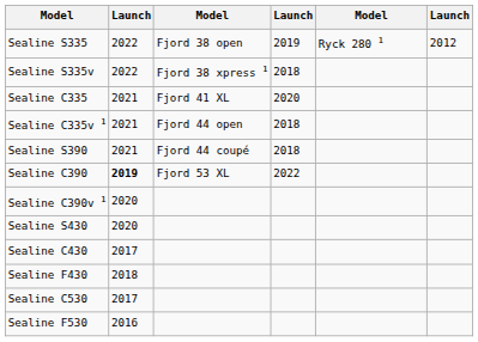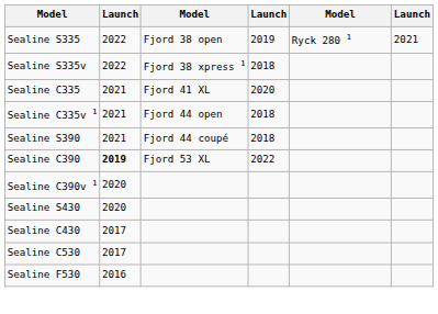 <table class="wikitable" style="text-align:center; font-size:85%; line-height:170%">
 <tr>
 <td style="text-align: center;width: 68pt;background: #f2f2f2"><strong>Model</strong></td>
 <td style="text-align: left;width: 30pt;background: #f2f2f2"><strong>Launch</strong></td>
 <td style="text-align: center;width: 80pt;background: #f2f2f2"><strong>Model</strong></td>
 <td style="text-align: left;width: 30pt;background: #f2f2f2"><strong>Launch</strong></td>
 <td style="text-align: center;width: 80pt;background: #f2f2f2"><strong>Model</strong></td>
 <td style="text-align: left;width: 30pt;background: #f2f2f2"><strong>Launch</strong></td>
 </tr>
 <tr>
 <td style="text-align: left">Sealine S335</td>
 <td style="text-align: left">2022</td>
 <td style="text-align: left">Fjord 38 open</td>
 <td style="text-align: left">2019</td>
 <td style="text-align: left">Ryck 280 <sup>1</sup></td>
-<td style="text-align: left">2012</td>
+<td style="text-align: left">2021</td>
 </tr>
 <tr>
 <td style="text-align: left">Sealine S335v</td>
 <td style="text-align: left">2022</td>
 <td style="text-align: left">Fjord 38 xpress <sup>1</sup></td>
 <td style="text-align: left">2018</td>
 <td></td>
 <td></td>
 </tr>
 <tr>
 <td style="text-align: left">Sealine C335</td>
 <td style="text-align: left">2021</td>
 <td style="text-align: left">Fjord 41 XL</td>
 <td style="text-align: left">2020</td>
 <td></td>
 <td></td>
 </tr>
 <tr>
 <td style="text-align: left">Sealine C335v <sup>1</sup></td>
 <td style="text-align: left">2021</td>
 <td style="text-align: left">Fjord 44 open</td>
 <td style="text-align: left">2018</td>
 <td></td>
 <td></td>
 </tr>
 <tr>
 <td style="text-align: left">Sealine S390</td>
 <td style="text-align: left">2021</td>
 <td style="text-align: left">Fjord 44 coupé</td>
 <td style="text-align: left">2018</td>
 <td></td>
 <td></td>
 </tr>
 <tr>
 <td style="text-align: left">Sealine C390</td>
 <td style="text-align: left"><strong>2019</strong></td>
 <td style="text-align: left">Fjord 53 XL</td>
 <td style="text-align: left">2022</td>
 <td></td>
 <td></td>
 </tr>
 <tr>
 <td style="text-align: left">Sealine C390v <sup>1</sup></td>
 <td style="text-align: left">2020</td>
 <td></td>
 <td></td>
 <td></td>
 <td></td>
 </tr>
 <tr>
 <td style="text-align: left">Sealine S430</td>
 <td style="text-align: left">2020</td>
 <td></td>
 <td></td>
 <td></td>
 <td></td>
 </tr>
 <tr>
 <td style="text-align: left">Sealine C430</td>
 <td style="text-align: left">2017</td>
 <td></td>
 <td></td>
 <td></td>
 <td></td>
 </tr>
 <tr>
-<td style="text-align: left">Sealine F430</td>
-<td style="text-align: left">2018</td>
-<td></td>
-<td></td>
-<td></td>
-<td></td>
-</tr>
-<tr>
 <td style="text-align: left">Sealine C530</td>
 <td style="text-align: left">2017</td>
 <td></td>
 <td></td>
 <td></td>
 <td></td>
 </tr>
 <tr>
 <td style="text-align: left">Sealine F530</td>
 <td style="text-align: left">2016</td>
 <td></td>
 <td></td>
 <td></td>
 <td></td>
 </tr>
 </table>
